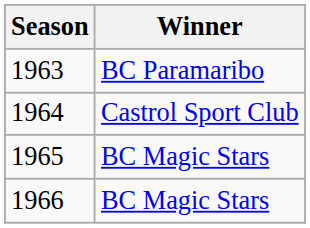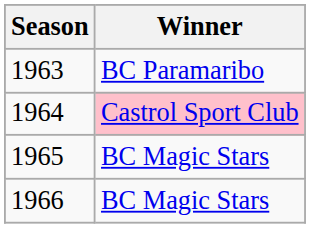 <table class=wikitable style="font-size:90%;">
 <tr>
 <th>Season</th>
 <th>Winner</th>
 </tr>
 <tr>
 <td>1963</td>
 <td><a href='#'>BC Paramaribo</a></td>
 </tr>
 <tr>
 <td>1964</td>
-<td><a href='#'>Castrol Sport Club</a></td>
+<td style="background: pink;"><a href='#'>Castrol Sport Club</a></td>
 </tr>
 <tr>
 <td>1965</td>
 <td><a href='#'>BC Magic Stars</a></td>
 </tr>
 <tr>
 <td>1966</td>
 <td><a href='#'>BC Magic Stars</a></td>
 </tr>
 </table>
